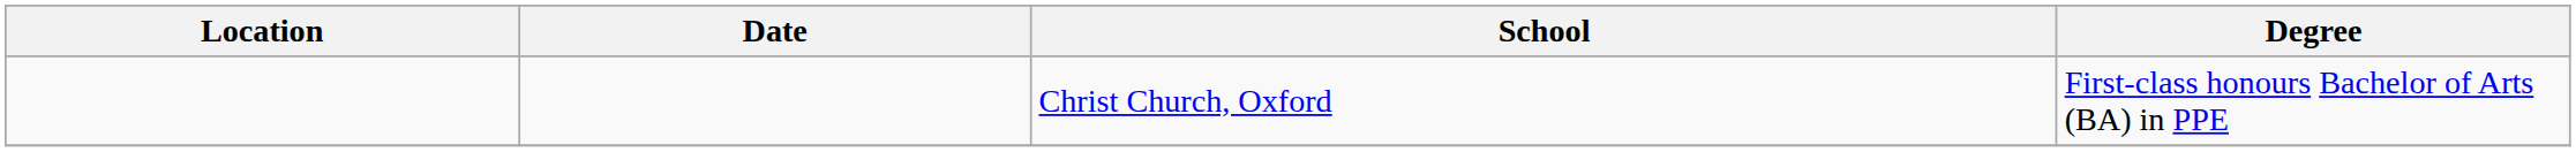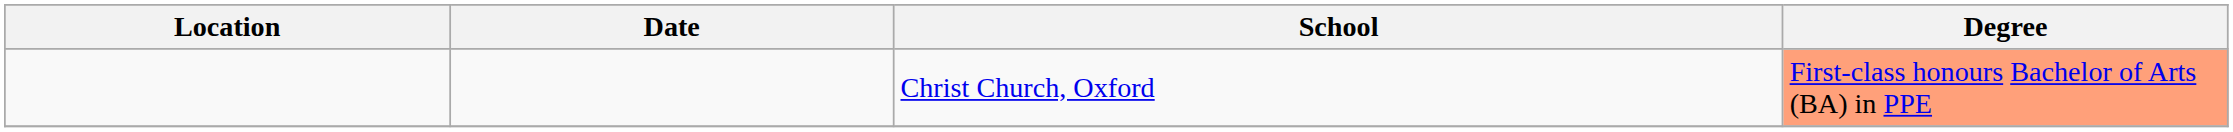 <table class="wikitable" style="width:100%;">
 <tr>
 <th style="width:20%;">Location</th>
 <th style="width:20%;">Date</th>
 <th style="width:40%;">School</th>
 <th style="width:20%;">Degree</th>
 </tr>
 <tr>
 <td></td>
 <td></td>
 <td><a href='#'>Christ Church, Oxford</a></td>
-<td><a href='#'>First-class honours</a> <a href='#'>Bachelor of Arts</a> (BA) in <a href='#'>PPE</a></td>
+<td style="background: lightsalmon;"><a href='#'>First-class honours</a> <a href='#'>Bachelor of Arts</a> (BA) in <a href='#'>PPE</a></td>
 </tr>
 <tr>
 </tr>
 </table>
